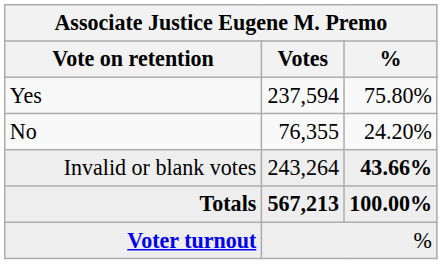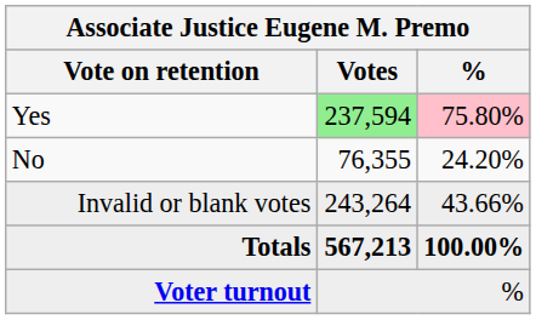 <table class="wikitable" style="font-size: 95%;">
 <tr style="background-color:#E9E9E9">
 <th colspan=7>Associate Justice Eugene M. Premo</th>
 </tr>
 <tr style="background-color:#E9E9E9">
 <th style="width: 170px">Vote on retention</th>
 <th style="width: 50px">Votes</th>
 <th style="width: 40px">%</th>
 </tr>
 <tr>
 <td>Yes</td>
-<td align="right">237,594</td>
-<td align="right">75.80%</td>
+<td align="right" style="background: lightgreen;">237,594</td>
+<td align="right" style="background: pink;">75.80%</td>
 </tr>
 <tr>
 <td>No</td>
 <td align="right">76,355</td>
 <td align="right">24.20%</td>
 </tr>
 <tr bgcolor="#EEEEEE">
 <td align="right">Invalid or blank votes</td>
 <td align="right">243,264</td>
-<td align="right"><strong>43.66%</strong></td>
+<td align="right">43.66%</td>
 </tr>
 <tr bgcolor="#EEEEEE">
 <td align="right"><strong>Totals</strong></td>
 <td align="right"><strong>567,213</strong></td>
 <td align="right"><strong>100.00%</strong></td>
 </tr>
 <tr bgcolor="#EEEEEE">
 <td align="right"><strong><a href='#'>Voter turnout</a></strong></td>
 <td colspan="2" align="right">%</td>
 </tr>
 </table>
